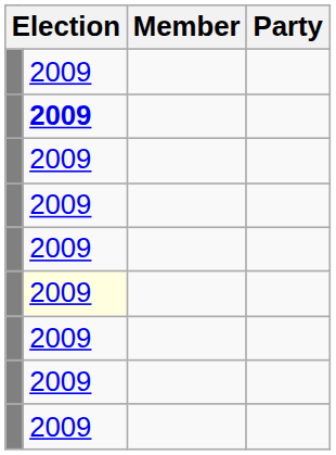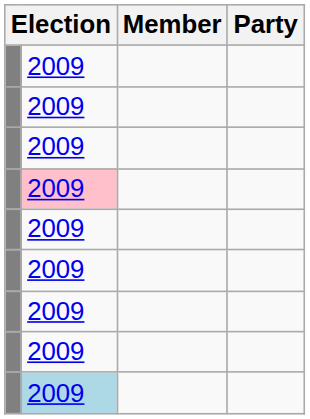 <table class="wikitable">
 <tr>
 <th colspan="2">Election</th>
 <th>Member</th>
 <th>Party</th>
 </tr>
 <tr>
 <td style="background-color: grey"></td>
 <td><a href='#'>2009</a></td>
 <td></td>
 <td></td>
 </tr>
 <tr>
 <td style="background-color: grey"></td>
-<td><strong><a href='#'>2009</a></strong></td>
+<td><a href='#'>2009</a></td>
+<td></td>
+<td></td>
+</tr>
+<tr>
+<td style="background-color: grey"></td>
+<td><a href='#'>2009</a></td>
+<td></td>
+<td></td>
+</tr>
+<tr>
+<td style="background-color: grey"></td>
+<td style="background: pink;"><a href='#'>2009</a></td>
 <td></td>
 <td></td>
 </tr>
 <tr>
 <td style="background-color: grey"></td>
 <td><a href='#'>2009</a></td>
 <td></td>
 <td></td>
 </tr>
 <tr>
 <td style="background-color: grey"></td>
 <td><a href='#'>2009</a></td>
 <td></td>
 <td></td>
 </tr>
 <tr>
 <td style="background-color: grey"></td>
 <td><a href='#'>2009</a></td>
 <td></td>
 <td></td>
 </tr>
 <tr>
 <td style="background-color: grey"></td>
-<td style="background: lightyellow;"><a href='#'>2009</a></td>
-<td></td>
-<td></td>
-</tr>
-<tr>
-<td style="background-color: grey"></td>
 <td><a href='#'>2009</a></td>
 <td></td>
 <td></td>
 </tr>
 <tr>
 <td style="background-color: grey"></td>
-<td><a href='#'>2009</a></td>
-<td></td>
-<td></td>
-</tr>
-<tr>
-<td style="background-color: grey"></td>
-<td><a href='#'>2009</a></td>
+<td style="background: lightblue;"><a href='#'>2009</a></td>
 <td></td>
 <td></td>
 </tr>
 </table>
